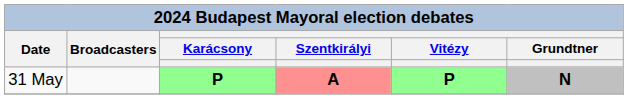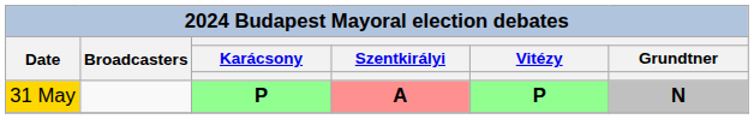 <table class="wikitable" style="text-justify: none">
 <tr>
 <th colspan="10" style="background:#B0C4DE">2024 Budapest Mayoral election debates</th>
 </tr>
 <tr style="font-size:small;">
 <th rowspan="3">Date</th>
 <th rowspan="3">Broadcasters</th>
 <th colspan="4" scope="col">    </th>
 </tr>
 <tr style="font-size:small;">
 <th scope="col"><a href='#'>Karácsony</a></th>
 <th scope="col"><a href='#'>Szentkirályi</a></th>
 <th scope="col"><a href='#'>Vitézy</a></th>
 <th scope="col">Grundtner</th>
 </tr>
 <tr>
 <th style="width:6.5em; background:"></th>
 <th style="width:6.5em; background:"></th>
 <th style="width:6.5em; background:"></th>
 <th style="width:6.5em; background:"></th>
 </tr>
 <tr>
-<td>31 May</td>
+<td style="background: gold;">31 May</td>
 <td></td>
 <td style="background:#90ff90; color:black; text-align:center;"><strong>P</strong></td>
 <td style="background:#ff9090; color:black; text-align:center;"><strong>A</strong></td>
 <td style="background:#90ff90; color:black; text-align:center;"><strong>P</strong></td>
 <td style="background:#C0C0C0; color:black; text-align:center;"><strong>N</strong></td>
 </tr>
 <tr>
 </tr>
 </table>
